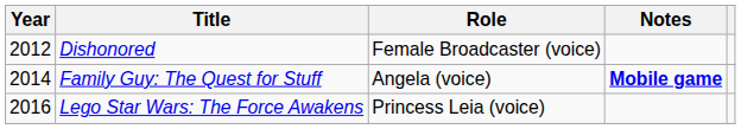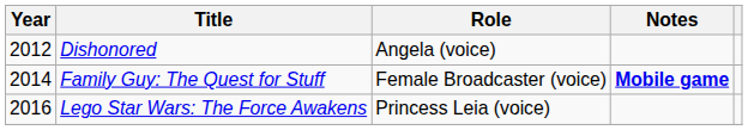 <table class="wikitable sortable plainrowheaders">
 <tr>
 <th scope="col">Year</th>
 <th scope="col">Title</th>
 <th scope="col">Role</th>
 <th scope="col" class="unsortable">Notes</th>
 <th scope="col" class="unsortable"></th>
 </tr>
 <tr>
 <td>2012</td>
 <td><em><a href='#'>Dishonored</a></em></td>
-<td>Female Broadcaster (voice)</td>
+<td>Angela (voice)</td>
 <td></td>
 <td style="text-align:center;"></td>
 </tr>
 <tr>
 <td>2014</td>
 <td><em><a href='#'>Family Guy: The Quest for Stuff</a></em></td>
-<td>Angela (voice)</td>
+<td>Female Broadcaster (voice)</td>
 <td><strong><a href='#'>Mobile game</a></strong></td>
 <td style="text-align:center;"></td>
 </tr>
 <tr>
 <td>2016</td>
 <td><em><a href='#'>Lego Star Wars: The Force Awakens</a></em></td>
 <td>Princess Leia (voice)</td>
 <td></td>
 <td style="text-align:center;"></td>
 </tr>
 <tr>
 </tr>
 </table>
